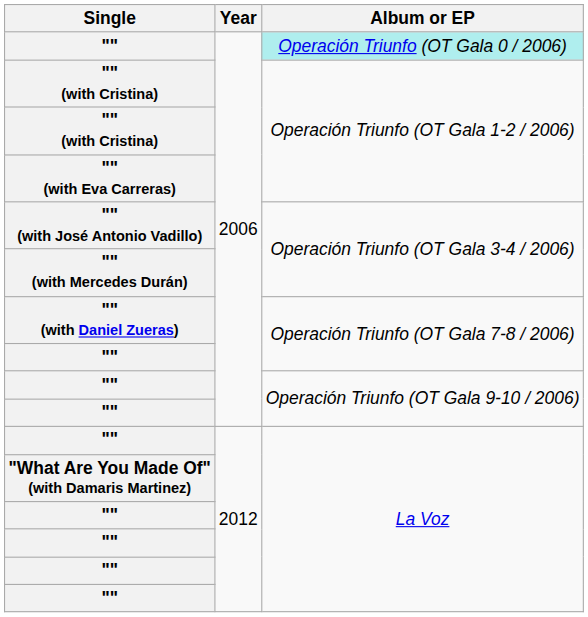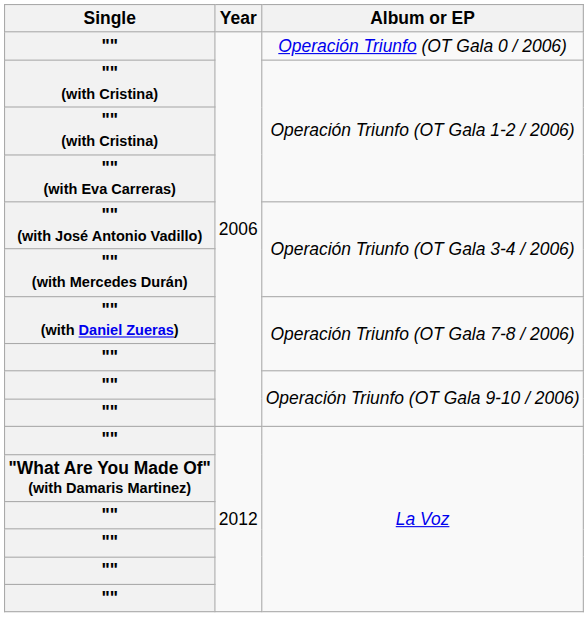 <table class="wikitable plainrowheaders" style="text-align:center;">
 <tr>
 <th scope="col">Single</th>
 <th scope="col">Year</th>
 <th scope="col">Album or EP</th>
 </tr>
 <tr>
 <th scope="row">""</th>
 <td rowspan="10">2006</td>
-<td style="background: paleturquoise;"><em><a href='#'>Operación Triunfo</a> (OT Gala 0 / 2006)</em></td>
+<td><em><a href='#'>Operación Triunfo</a> (OT Gala 0 / 2006)</em></td>
 </tr>
 <tr>
 <th scope="row">""<br><small>(with Cristina)</small></th>
 <td rowspan="3"><em>Operación Triunfo (OT Gala 1-2 / 2006)</em></td>
 </tr>
 <tr>
 <th scope="row">""<br><small>(with Cristina)</small></th>
 </tr>
 <tr>
 <th scope="row">""<br><small>(with Eva Carreras)</small></th>
 </tr>
 <tr>
 <th scope="row">""<br><small>(with José Antonio Vadillo)</small></th>
 <td rowspan="2"><em>Operación Triunfo (OT Gala 3-4 / 2006)</em></td>
 </tr>
 <tr>
 <th scope="row">""<br><small>(with Mercedes Durán)</small></th>
 </tr>
 <tr>
 <th scope="row">""<br><small>(with <a href='#'>Daniel Zueras</a>)</small></th>
 <td rowspan="2"><em>Operación Triunfo (OT Gala 7-8 / 2006)</em></td>
 </tr>
 <tr>
 <th scope="row">""</th>
 </tr>
 <tr>
 <th scope="row">""</th>
 <td rowspan="2"><em>Operación Triunfo (OT Gala 9-10 / 2006)</em></td>
 </tr>
 <tr>
 <th scope="row">""</th>
 </tr>
 <tr>
 <th scope="row">""</th>
 <td rowspan="6">2012</td>
 <td rowspan="6"><em><a href='#'>La Voz</a></em></td>
 </tr>
 <tr>
 <th scope="row">"What Are You Made Of"<br><small>(with Damaris Martinez)</small></th>
 </tr>
 <tr>
 <th scope="row">""</th>
 </tr>
 <tr>
 <th scope="row">""</th>
 </tr>
 <tr>
 <th scope="row">""</th>
 </tr>
 <tr>
 <th scope="row">""</th>
 </tr>
 </table>
